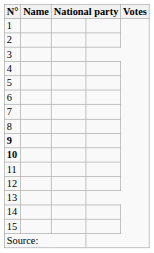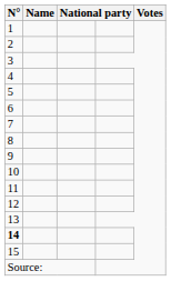 <table class="wikitable sortable" style="font-size:95%;line-height:14px;">
 <tr>
 <th>N°</th>
 <th>Name</th>
 <th colspan="2">National party</th>
 <th>Votes</th>
 </tr>
 <tr>
 <td>1</td>
 <td></td>
 <td></td>
 <td></td>
 </tr>
 <tr>
 <td>2</td>
 <td></td>
 <td></td>
 <td></td>
 </tr>
 <tr>
 <td>3</td>
 <td></td>
 <td></td>
 </tr>
 <tr>
 <td>4</td>
 <td><em></em></td>
 <td></td>
 <td></td>
 </tr>
 <tr>
 <td>5</td>
 <td></td>
 <td></td>
 <td></td>
 </tr>
 <tr>
 <td>6</td>
 <td><em></em></td>
 <td></td>
 <td></td>
 </tr>
 <tr>
 <td>7</td>
 <td></td>
 <td></td>
 <td></td>
 </tr>
 <tr>
 <td>8</td>
 <td></td>
 <td></td>
 <td></td>
 </tr>
 <tr>
-<td><strong>9</strong></td>
+<td>9</td>
 <td></td>
 <td></td>
 <td></td>
 </tr>
 <tr>
-<td><strong>10</strong></td>
+<td>10</td>
 <td></td>
 <td></td>
 <td></td>
 </tr>
 <tr>
 <td>11</td>
 <td></td>
 <td></td>
 <td></td>
 </tr>
 <tr>
 <td>12</td>
 <td></td>
 <td></td>
 <td></td>
 </tr>
 <tr>
 <td>13</td>
 <td></td>
 <td></td>
 </tr>
 <tr>
-<td>14</td>
+<td><strong>14</strong></td>
 <td></td>
 <td></td>
 <td></td>
 </tr>
 <tr>
 <td>15</td>
 <td></td>
 <td></td>
 <td></td>
 </tr>
 <tr>
 <td colspan="3">Source: </td>
 </tr>
 </table>
